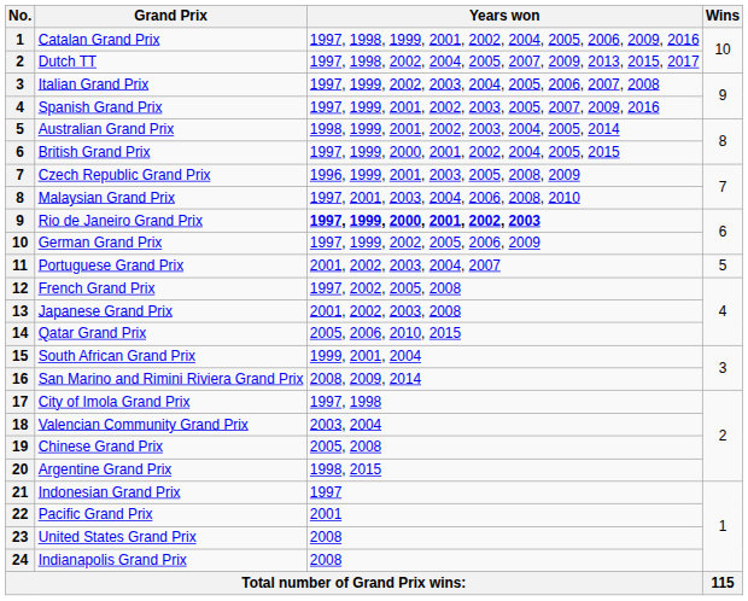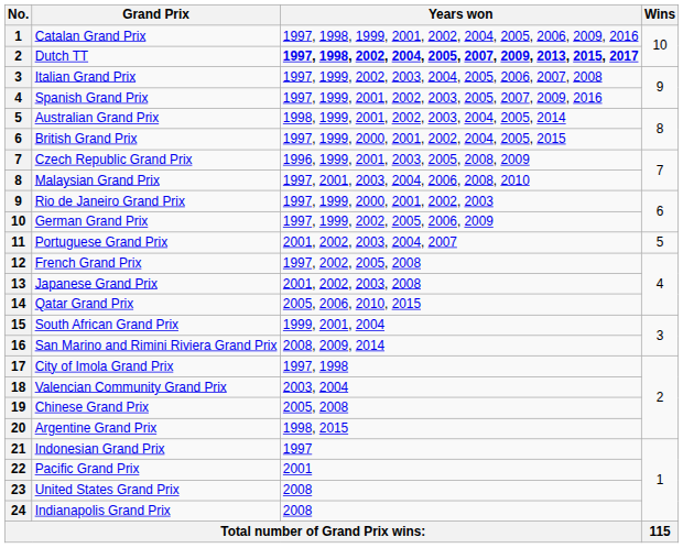 <table class="wikitable">
 <tr>
 <th scope="col">No.</th>
 <th>Grand Prix</th>
 <th>Years won</th>
 <th>Wins</th>
 </tr>
 <tr>
 <th scope="row">1</th>
 <td><a href='#'>Catalan Grand Prix</a></td>
 <td><a href='#'>1997</a>, <a href='#'>1998</a>, <a href='#'>1999</a>, <a href='#'>2001</a>, <a href='#'>2002</a>, <a href='#'>2004</a>, <a href='#'>2005</a>, <a href='#'>2006</a>, <a href='#'>2009</a>, <a href='#'>2016</a></td>
 <td rowspan="2" style="text-align:center;">10</td>
 </tr>
 <tr>
 <th scope="row">2</th>
 <td><a href='#'>Dutch TT</a></td>
-<td><a href='#'>1997</a>, <a href='#'>1998</a>, <a href='#'>2002</a>, <a href='#'>2004</a>, <a href='#'>2005</a>, <a href='#'>2007</a>, <a href='#'>2009</a>, <a href='#'>2013</a>, <a href='#'>2015</a>, <a href='#'>2017</a></td>
+<td><strong><a href='#'>1997</a>, <a href='#'>1998</a>, <a href='#'>2002</a>, <a href='#'>2004</a>, <a href='#'>2005</a>, <a href='#'>2007</a>, <a href='#'>2009</a>, <a href='#'>2013</a>, <a href='#'>2015</a>, <a href='#'>2017</a></strong></td>
 </tr>
 <tr>
 <th scope="row">3</th>
 <td><a href='#'>Italian Grand Prix</a></td>
 <td><a href='#'>1997</a>, <a href='#'>1999</a>, <a href='#'>2002</a>, <a href='#'>2003</a>, <a href='#'>2004</a>, <a href='#'>2005</a>, <a href='#'>2006</a>, <a href='#'>2007</a>, <a href='#'>2008</a></td>
 <td rowspan="2" style="text-align:center;">9</td>
 </tr>
 <tr>
 <th scope="row">4</th>
 <td><a href='#'>Spanish Grand Prix</a></td>
 <td><a href='#'>1997</a>, <a href='#'>1999</a>, <a href='#'>2001</a>, <a href='#'>2002</a>, <a href='#'>2003</a>, <a href='#'>2005</a>, <a href='#'>2007</a>, <a href='#'>2009</a>, <a href='#'>2016</a></td>
 </tr>
 <tr>
 <th scope="row">5</th>
 <td><a href='#'>Australian Grand Prix</a></td>
 <td><a href='#'>1998</a>, <a href='#'>1999</a>, <a href='#'>2001</a>, <a href='#'>2002</a>, <a href='#'>2003</a>, <a href='#'>2004</a>, <a href='#'>2005</a>, <a href='#'>2014</a></td>
 <td rowspan="2" style="text-align:center;">8</td>
 </tr>
 <tr>
 <th scope="row">6</th>
 <td><a href='#'>British Grand Prix</a></td>
 <td><a href='#'>1997</a>, <a href='#'>1999</a>, <a href='#'>2000</a>, <a href='#'>2001</a>, <a href='#'>2002</a>, <a href='#'>2004</a>, <a href='#'>2005</a>, <a href='#'>2015</a></td>
 </tr>
 <tr>
 <th scope="row">7</th>
 <td><a href='#'>Czech Republic Grand Prix</a></td>
 <td><a href='#'>1996</a>, <a href='#'>1999</a>, <a href='#'>2001</a>, <a href='#'>2003</a>, <a href='#'>2005</a>, <a href='#'>2008</a>, <a href='#'>2009</a></td>
 <td rowspan="2" style="text-align:center;">7</td>
 </tr>
 <tr>
 <th scope="row">8</th>
 <td><a href='#'>Malaysian Grand Prix</a></td>
 <td><a href='#'>1997</a>, <a href='#'>2001</a>, <a href='#'>2003</a>, <a href='#'>2004</a>, <a href='#'>2006</a>, <a href='#'>2008</a>, <a href='#'>2010</a></td>
 </tr>
 <tr>
 <th scope="row">9</th>
 <td><a href='#'>Rio de Janeiro Grand Prix</a></td>
-<td><strong><a href='#'>1997</a>, <a href='#'>1999</a>, <a href='#'>2000</a>, <a href='#'>2001</a>, <a href='#'>2002</a>, <a href='#'>2003</a></strong></td>
+<td><a href='#'>1997</a>, <a href='#'>1999</a>, <a href='#'>2000</a>, <a href='#'>2001</a>, <a href='#'>2002</a>, <a href='#'>2003</a></td>
 <td rowspan="2" style="text-align:center;">6</td>
 </tr>
 <tr>
 <th scope="row">10</th>
 <td><a href='#'>German Grand Prix</a></td>
 <td><a href='#'>1997</a>, <a href='#'>1999</a>, <a href='#'>2002</a>, <a href='#'>2005</a>, <a href='#'>2006</a>, <a href='#'>2009</a></td>
 </tr>
 <tr>
 <th scope="row">11</th>
 <td><a href='#'>Portuguese Grand Prix</a></td>
 <td><a href='#'>2001</a>, <a href='#'>2002</a>, <a href='#'>2003</a>, <a href='#'>2004</a>, <a href='#'>2007</a></td>
 <td style="text-align:center;">5</td>
 </tr>
 <tr>
 <th scope="row">12</th>
 <td><a href='#'>French Grand Prix</a></td>
 <td><a href='#'>1997</a>, <a href='#'>2002</a>, <a href='#'>2005</a>, <a href='#'>2008</a></td>
 <td rowspan="3" style="text-align:center;">4</td>
 </tr>
 <tr>
 <th scope="row">13</th>
 <td><a href='#'>Japanese Grand Prix</a></td>
 <td><a href='#'>2001</a>, <a href='#'>2002</a>, <a href='#'>2003</a>, <a href='#'>2008</a></td>
 </tr>
 <tr>
 <th scope="row">14</th>
 <td><a href='#'>Qatar Grand Prix</a></td>
 <td><a href='#'>2005</a>, <a href='#'>2006</a>, <a href='#'>2010</a>, <a href='#'>2015</a></td>
 </tr>
 <tr>
 <th scope="row">15</th>
 <td><a href='#'>South African Grand Prix</a></td>
 <td><a href='#'>1999</a>, <a href='#'>2001</a>, <a href='#'>2004</a></td>
 <td rowspan="2" style="text-align:center;">3</td>
 </tr>
 <tr>
 <th scope="row">16</th>
 <td><a href='#'>San Marino and Rimini Riviera Grand Prix</a></td>
 <td><a href='#'>2008</a>, <a href='#'>2009</a>, <a href='#'>2014</a></td>
 </tr>
 <tr>
 <th scope="row">17</th>
 <td><a href='#'>City of Imola Grand Prix</a></td>
 <td><a href='#'>1997</a>, <a href='#'>1998</a></td>
 <td rowspan="4" style="text-align:center;">2</td>
 </tr>
 <tr>
 <th scope="row">18</th>
 <td><a href='#'>Valencian Community Grand Prix</a></td>
 <td><a href='#'>2003</a>, <a href='#'>2004</a></td>
 </tr>
 <tr>
 <th scope="row">19</th>
 <td><a href='#'>Chinese Grand Prix</a></td>
 <td><a href='#'>2005</a>, <a href='#'>2008</a></td>
 </tr>
 <tr>
 <th scope="row">20</th>
 <td><a href='#'>Argentine Grand Prix</a></td>
 <td><a href='#'>1998</a>, <a href='#'>2015</a></td>
 </tr>
 <tr>
 <th scope="row">21</th>
 <td><a href='#'>Indonesian Grand Prix</a></td>
 <td><a href='#'>1997</a></td>
 <td rowspan="4" style="text-align:center;">1</td>
 </tr>
 <tr>
 <th scope="row">22</th>
 <td><a href='#'>Pacific Grand Prix</a></td>
 <td><a href='#'>2001</a></td>
 </tr>
 <tr>
 <th scope="row">23</th>
 <td><a href='#'>United States Grand Prix</a></td>
 <td><a href='#'>2008</a></td>
 </tr>
 <tr>
 <th scope="row">24</th>
 <td><a href='#'>Indianapolis Grand Prix</a></td>
 <td><a href='#'>2008</a></td>
 </tr>
 <tr>
 <th colspan="3">Total number of Grand Prix wins:</th>
 <th scope="row">115</th>
 </tr>
 </table>
